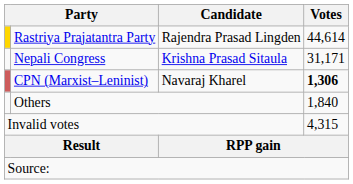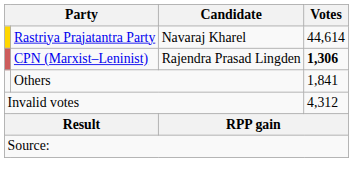 <table class="wikitable">
 <tr>
 <th colspan="2">Party</th>
 <th>Candidate</th>
 <th>Votes</th>
 </tr>
 <tr>
 <td style="background-color:gold"></td>
 <td><a href='#'>Rastriya Prajatantra Party</a></td>
-<td>Rajendra Prasad Lingden</td>
+<td>Navaraj Kharel</td>
 <td>44,614</td>
-</tr>
-<tr>
-<td style="background-color:"></td>
-<td><a href='#'>Nepali Congress</a></td>
-<td><a href='#'>Krishna Prasad Sitaula</a></td>
-<td>31,171</td>
 </tr>
 <tr>
 <td style="background-color:indianred"></td>
 <td><a href='#'>CPN (Marxist–Leninist)</a></td>
-<td>Navaraj Kharel</td>
+<td>Rajendra Prasad Lingden</td>
 <td><strong>1,306</strong></td>
 </tr>
 <tr>
 <td></td>
 <td colspan="2">Others</td>
-<td>1,840</td>
+<td>1,841</td>
 </tr>
 <tr>
 <td colspan="3">Invalid votes</td>
-<td>4,315</td>
+<td>4,312</td>
 </tr>
 <tr>
 <th colspan="2">Result</th>
 <th colspan="2">RPP gain</th>
 </tr>
 <tr>
 <td colspan="4">Source: </td>
 </tr>
 </table>
